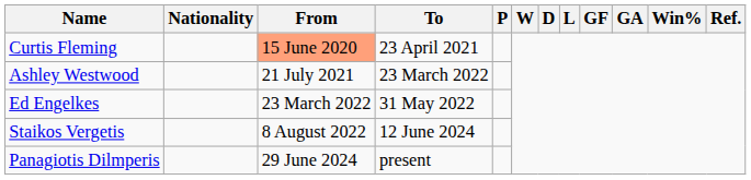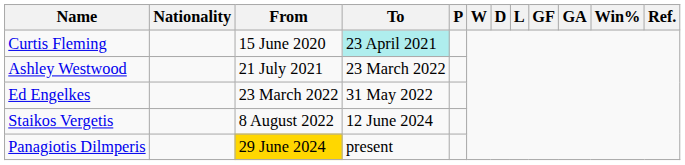 <table class="wikitable plainrowheaders sortable" style="text-align:center">
 <tr>
 <th>Name</th>
 <th>Nationality</th>
 <th>From</th>
 <th class="unsortable">To</th>
 <th>P</th>
 <th>W</th>
 <th>D</th>
 <th>L</th>
 <th>GF</th>
 <th>GA</th>
 <th>Win%</th>
 <th>Ref.</th>
 </tr>
 <tr>
 <td scope=row style=text-align:left><a href='#'>Curtis Fleming</a></td>
 <td align=left></td>
-<td align=left style="background: lightsalmon;">15 June 2020</td>
-<td align=left>23 April 2021<br></td>
+<td align=left>15 June 2020</td>
+<td align=left style="background: paleturquoise;">23 April 2021<br></td>
 <td></td>
 </tr>
 <tr>
 <td scope=row style=text-align:left><a href='#'>Ashley Westwood</a></td>
 <td align=left></td>
 <td align=left>21 July 2021</td>
 <td align=left>23 March 2022<br></td>
 <td></td>
 </tr>
 <tr>
 <td scope=row style=text-align:left><a href='#'>Ed Engelkes</a></td>
 <td align=left></td>
 <td align=left>23 March 2022</td>
 <td align=left>31 May 2022<br></td>
 <td></td>
 </tr>
 <tr>
 <td scope=row style=text-align:left><a href='#'>Staikos Vergetis</a></td>
 <td align=left></td>
 <td align=left>8 August 2022</td>
 <td align=left>12 June 2024<br></td>
 <td></td>
 </tr>
 <tr>
 <td scope=row style=text-align:left><a href='#'>Panagiotis Dilmperis</a></td>
 <td align=left></td>
-<td align=left>29 June 2024</td>
+<td align=left style="background: gold;">29 June 2024</td>
 <td align=left>present<br></td>
 <td></td>
 </tr>
 </table>
